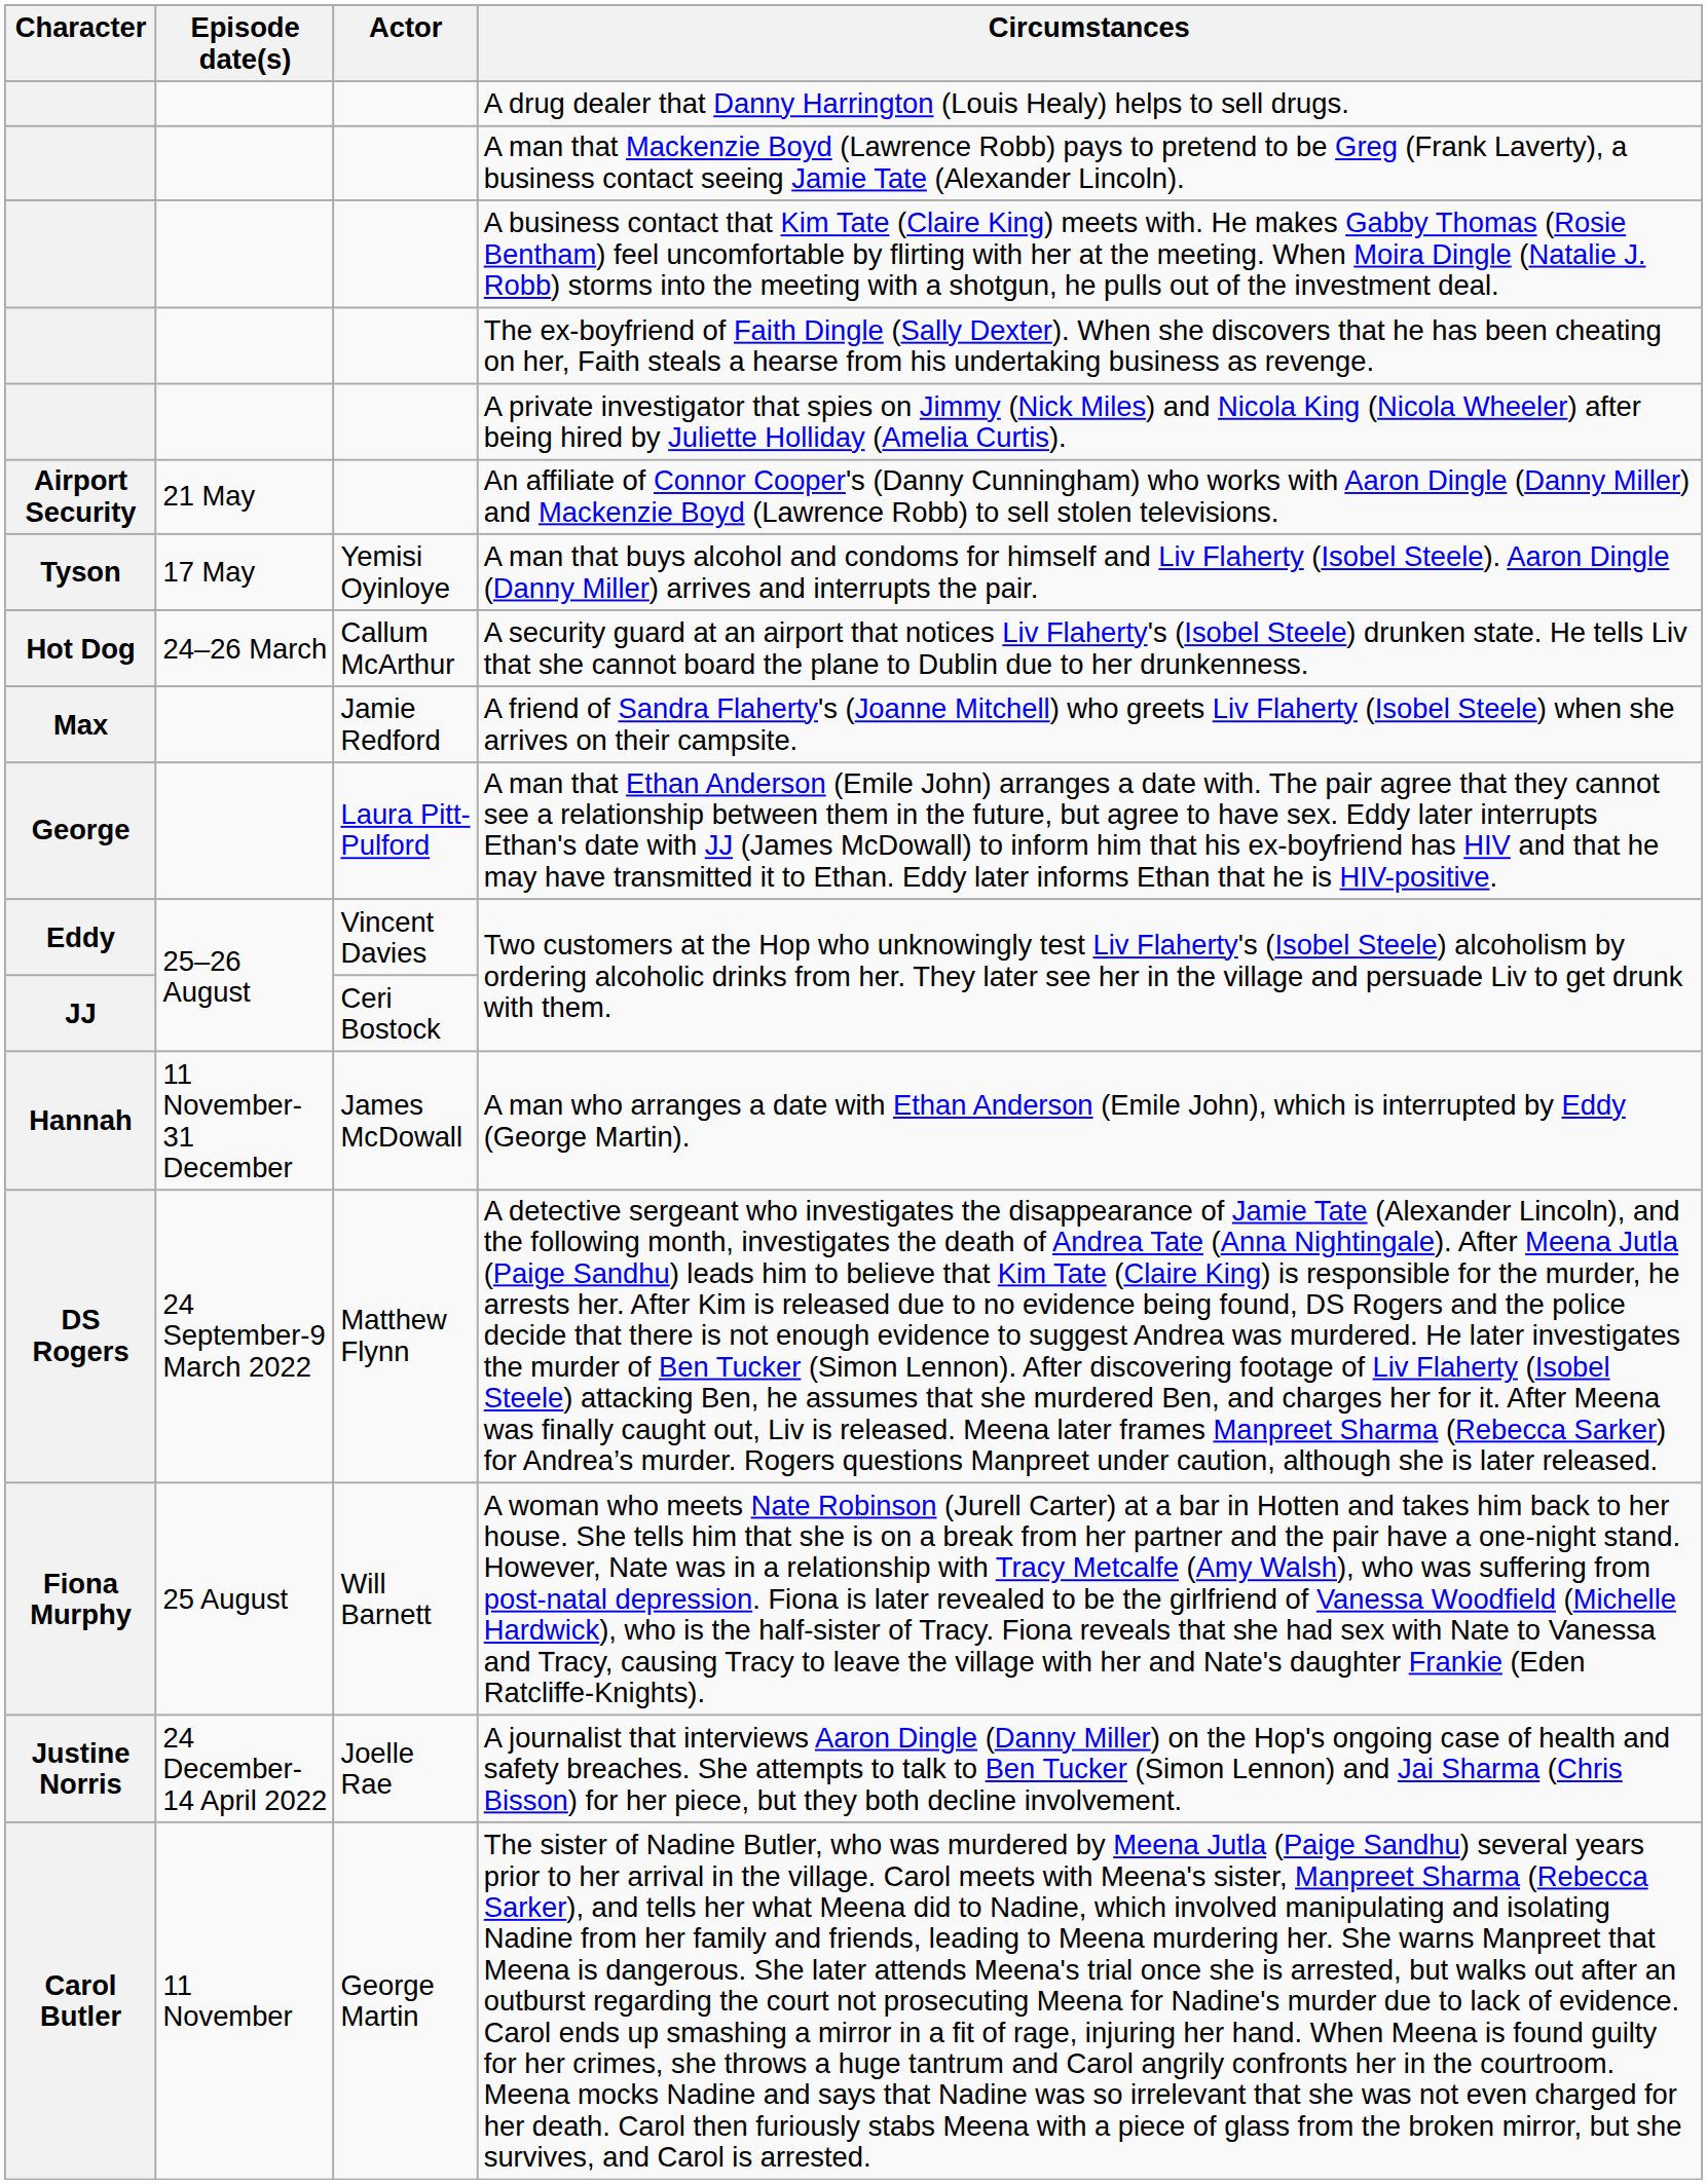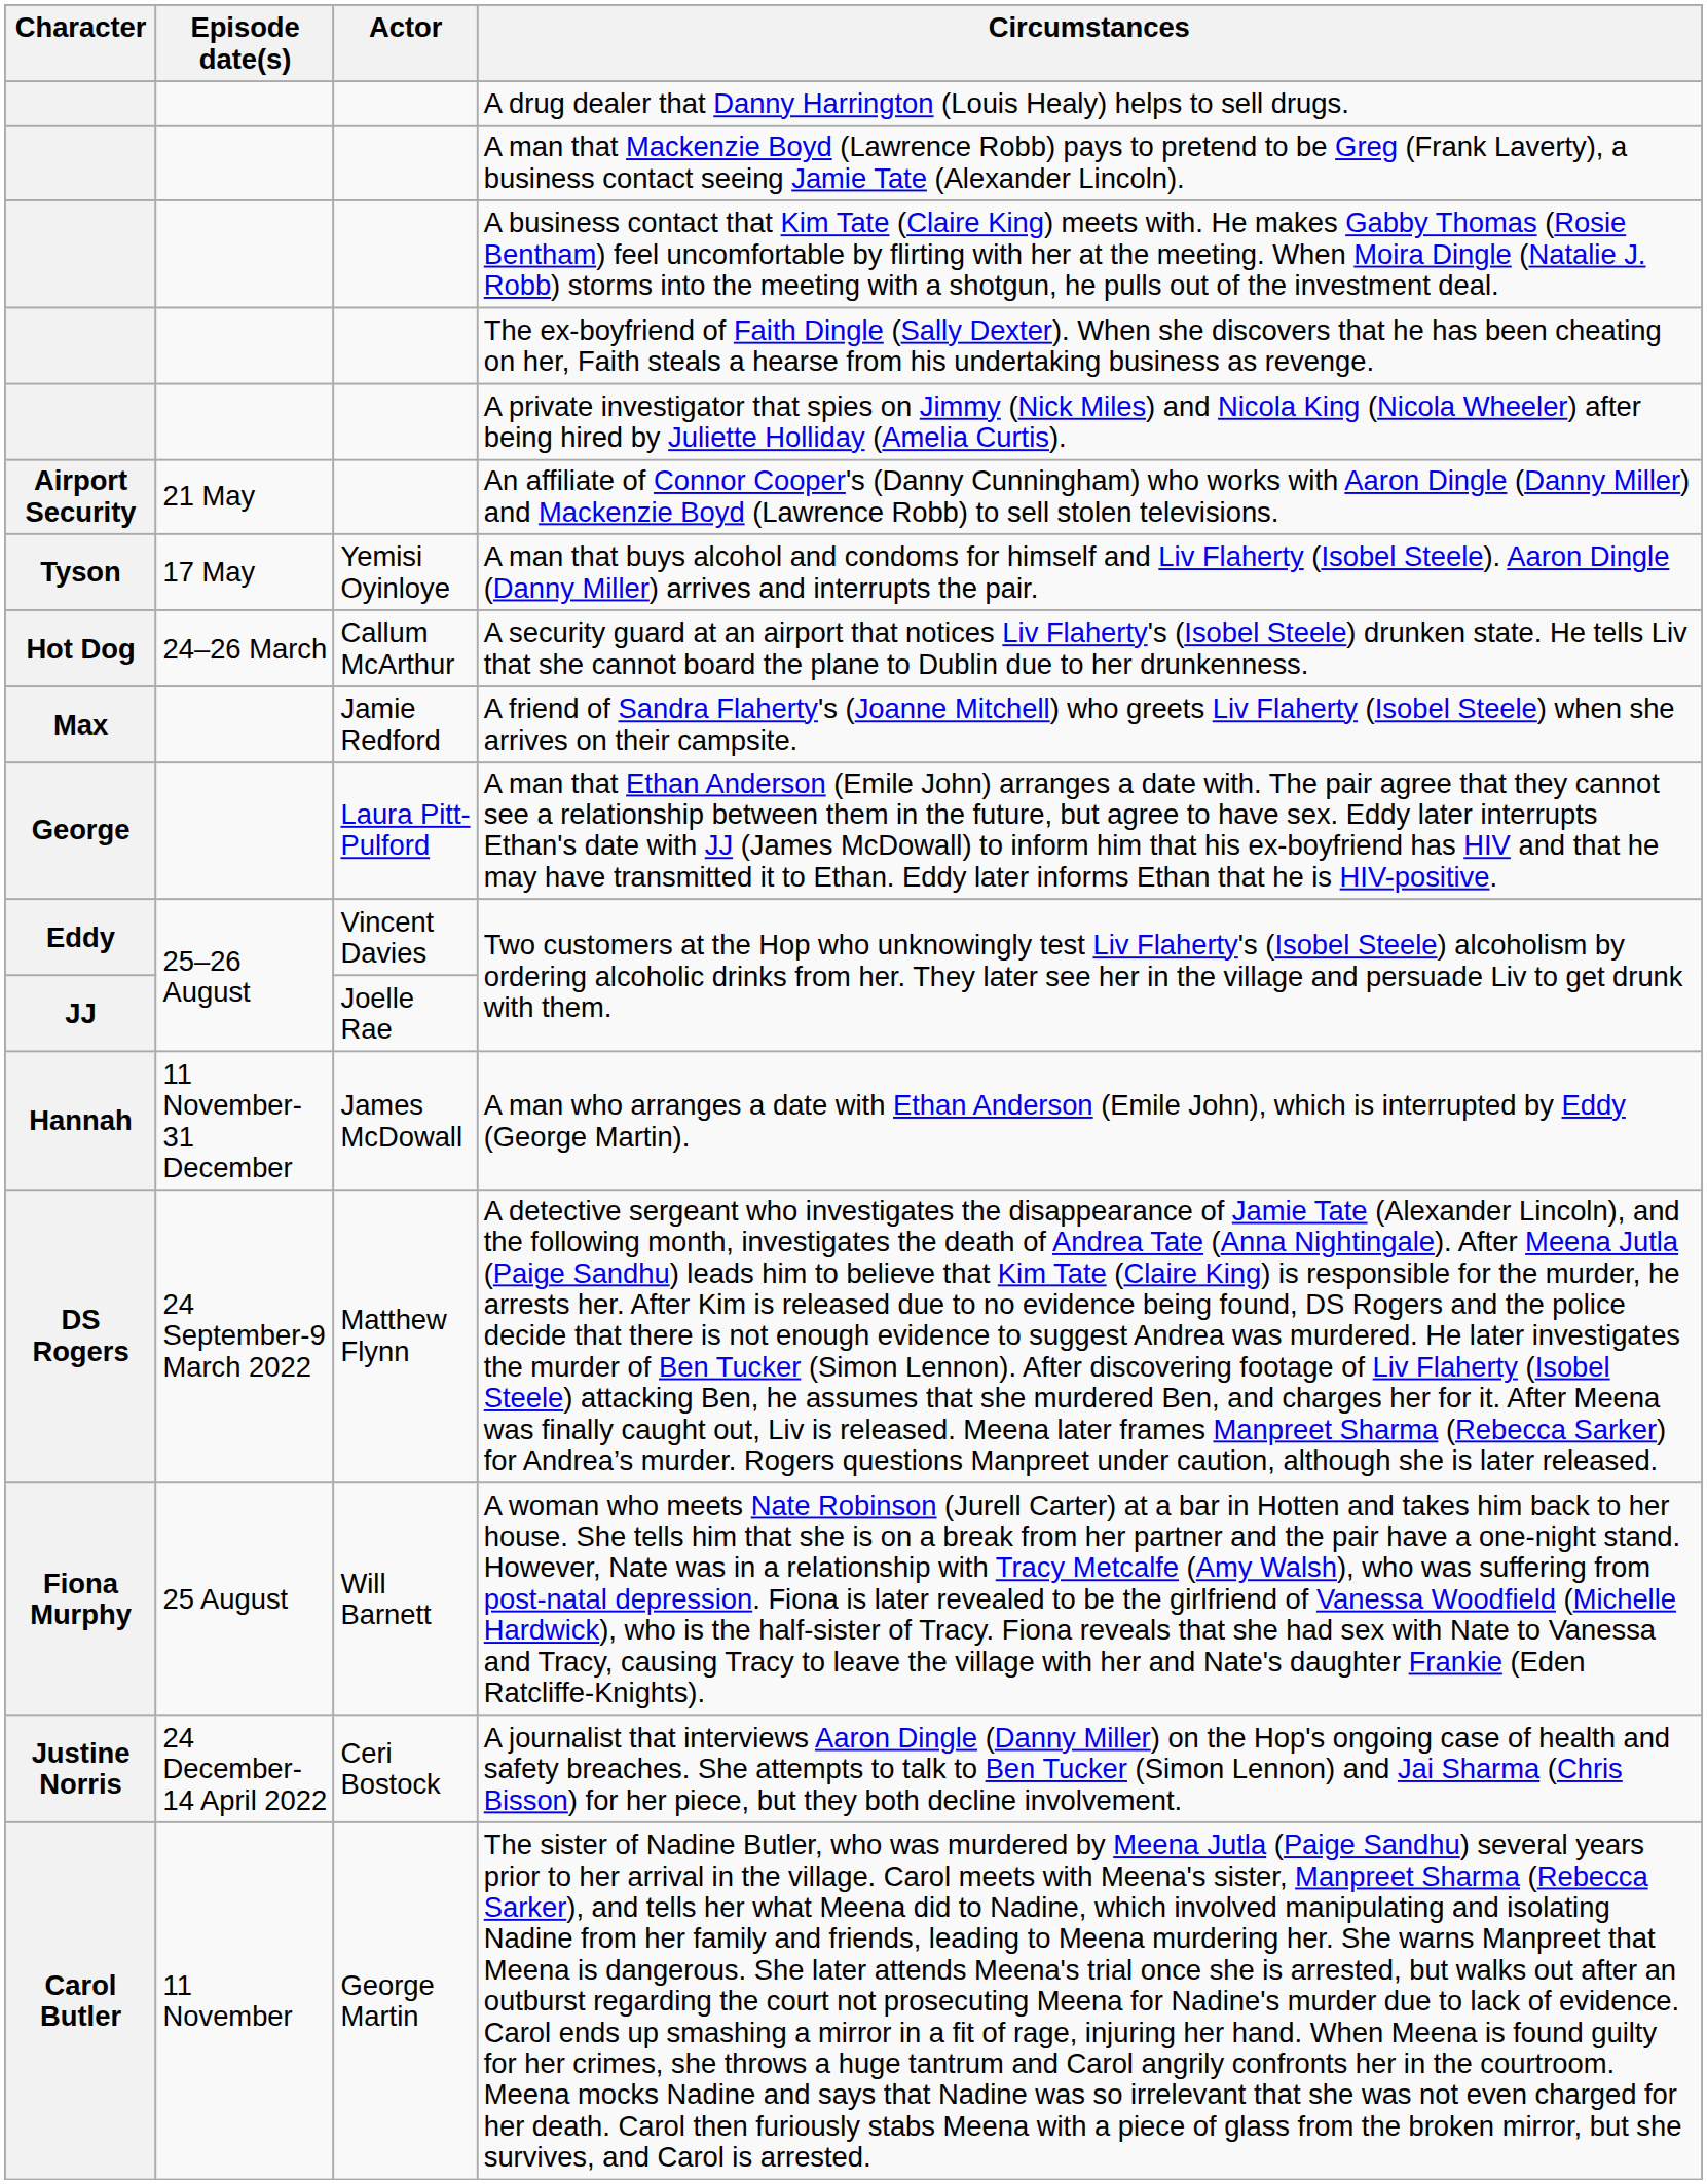 <table class="wikitable plainrowheaders" style="font-size:90%">
 <tr valign="top">
 <th scope="col">Character</th>
 <th scope="col">Episode date(s)</th>
 <th scope="col">Actor</th>
 <th scope="col">Circumstances</th>
 </tr>
 <tr>
 <th scope="row"> </th>
 <td></td>
 <td></td>
 <td>A drug dealer that <a href='#'>Danny Harrington</a> (Louis Healy) helps to sell drugs.</td>
 </tr>
 <tr>
 <th scope="row"> </th>
 <td></td>
 <td></td>
 <td>A man that <a href='#'>Mackenzie Boyd</a> (Lawrence Robb) pays to pretend to be <a href='#'>Greg</a> (Frank Laverty), a business contact seeing <a href='#'>Jamie Tate</a> (Alexander Lincoln).</td>
 </tr>
 <tr>
 <th scope="row"> </th>
 <td></td>
 <td></td>
 <td>A business contact that <a href='#'>Kim Tate</a> (<a href='#'>Claire King</a>) meets with. He makes <a href='#'>Gabby Thomas</a> (<a href='#'>Rosie Bentham</a>) feel uncomfortable by flirting with her at the meeting. When <a href='#'>Moira Dingle</a> (<a href='#'>Natalie J. Robb</a>) storms into the meeting with a shotgun, he pulls out of the investment deal.</td>
 </tr>
 <tr>
 <th scope="row"> </th>
 <td></td>
 <td></td>
 <td>The ex-boyfriend of <a href='#'>Faith Dingle</a> (<a href='#'>Sally Dexter</a>). When she discovers that he has been cheating on her, Faith steals a hearse from his undertaking business as revenge.</td>
 </tr>
 <tr>
 <th scope="row"> </th>
 <td></td>
 <td></td>
 <td>A private investigator that spies on <a href='#'>Jimmy</a> (<a href='#'>Nick Miles</a>) and <a href='#'>Nicola King</a> (<a href='#'>Nicola Wheeler</a>) after being hired by <a href='#'>Juliette Holliday</a> (<a href='#'>Amelia Curtis</a>).</td>
 </tr>
 <tr>
 <th scope="row">Airport Security </th>
 <td>21 May</td>
 <td></td>
 <td>An affiliate of <a href='#'>Connor Cooper</a>'s (Danny Cunningham) who works with <a href='#'>Aaron Dingle</a> (<a href='#'>Danny Miller</a>) and <a href='#'>Mackenzie Boyd</a> (Lawrence Robb) to sell stolen televisions.</td>
 </tr>
 <tr>
 <th scope="row">Tyson </th>
 <td>17 May</td>
 <td>Yemisi Oyinloye</td>
 <td>A man that buys alcohol and condoms for himself and <a href='#'>Liv Flaherty</a> (<a href='#'>Isobel Steele</a>). <a href='#'>Aaron Dingle</a> (<a href='#'>Danny Miller</a>) arrives and interrupts the pair.</td>
 </tr>
 <tr>
 <th scope="row">Hot Dog </th>
 <td>24–26 March</td>
 <td>Callum McArthur</td>
 <td>A security guard at an airport that notices <a href='#'>Liv Flaherty</a>'s (<a href='#'>Isobel Steele</a>) drunken state. He tells Liv that she cannot board the plane to Dublin due to her drunkenness.</td>
 </tr>
 <tr>
 <th scope="row">Max </th>
 <td></td>
 <td>Jamie Redford</td>
 <td>A friend of <a href='#'>Sandra Flaherty</a>'s (<a href='#'>Joanne Mitchell</a>) who greets <a href='#'>Liv Flaherty</a> (<a href='#'>Isobel Steele</a>) when she arrives on their campsite.</td>
 </tr>
 <tr>
 <th scope="row">George</th>
 <td></td>
 <td><a href='#'>Laura Pitt-Pulford</a></td>
 <td>A man that <a href='#'>Ethan Anderson</a> (Emile John) arranges a date with. The pair agree that they cannot see a relationship between them in the future, but agree to have sex. Eddy later interrupts Ethan's date with <a href='#'>JJ</a> (James McDowall) to inform him that his ex-boyfriend has <a href='#'>HIV</a> and that he may have transmitted it to Ethan. Eddy later informs Ethan that he is <a href='#'>HIV-positive</a>.</td>
 </tr>
 <tr>
 <th scope="row">Eddy </th>
 <td rowspan="2">25–26 August</td>
 <td>Vincent Davies</td>
 <td rowspan="2">Two customers at the Hop who unknowingly test <a href='#'>Liv Flaherty</a>'s (<a href='#'>Isobel Steele</a>) alcoholism by ordering alcoholic drinks from her. They later see her in the village and persuade Liv to get drunk with them.</td>
 </tr>
 <tr>
 <th scope="row">JJ</th>
-<td>Ceri Bostock</td>
+<td>Joelle Rae</td>
 </tr>
 <tr>
 <th scope="row">Hannah</th>
 <td>11 November-31 December</td>
 <td>James McDowall</td>
 <td>A man who arranges a date with <a href='#'>Ethan Anderson</a> (Emile John), which is interrupted by <a href='#'>Eddy</a> (George Martin).</td>
 </tr>
 <tr>
 <th scope="row">DS Rogers</th>
 <td>24 September-9 March 2022</td>
 <td>Matthew Flynn</td>
 <td>A detective sergeant who investigates the disappearance of <a href='#'>Jamie Tate</a> (Alexander Lincoln), and the following month, investigates the death of <a href='#'>Andrea Tate</a> (<a href='#'>Anna Nightingale</a>). After <a href='#'>Meena Jutla</a> (<a href='#'>Paige Sandhu</a>) leads him to believe that <a href='#'>Kim Tate</a> (<a href='#'>Claire King</a>) is responsible for the murder, he arrests her. After Kim is released due to no evidence being found, DS Rogers and the police decide that there is not enough evidence to suggest Andrea was murdered. He later investigates the murder of <a href='#'>Ben Tucker</a> (Simon Lennon). After discovering footage of <a href='#'>Liv Flaherty</a> (<a href='#'>Isobel Steele</a>) attacking Ben, he assumes that she murdered Ben, and charges her for it. After Meena was finally caught out, Liv is released. Meena later frames <a href='#'>Manpreet Sharma</a> (<a href='#'>Rebecca Sarker</a>) for Andrea’s murder. Rogers questions Manpreet under caution, although she is later released.</td>
 </tr>
 <tr>
 <th scope="row">Fiona Murphy</th>
 <td>25 August</td>
 <td>Will Barnett</td>
 <td>A woman who meets <a href='#'>Nate Robinson</a> (Jurell Carter) at a bar in Hotten and takes him back to her house. She tells him that she is on a break from her partner and the pair have a one-night stand. However, Nate was in a relationship with <a href='#'>Tracy Metcalfe</a> (<a href='#'>Amy Walsh</a>), who was suffering from <a href='#'>post-natal depression</a>. Fiona is later revealed to be the girlfriend of <a href='#'>Vanessa Woodfield</a> (<a href='#'>Michelle Hardwick</a>), who is the half-sister of Tracy. Fiona reveals that she had sex with Nate to Vanessa and Tracy, causing Tracy to leave the village with her and Nate's daughter <a href='#'>Frankie</a> (Eden Ratcliffe-Knights).</td>
 </tr>
 <tr>
 <th scope="row">Justine Norris </th>
 <td>24 December-14 April 2022</td>
-<td>Joelle Rae</td>
+<td>Ceri Bostock</td>
 <td>A journalist that interviews <a href='#'>Aaron Dingle</a> (<a href='#'>Danny Miller</a>) on the Hop's ongoing case of health and safety breaches. She attempts to talk to <a href='#'>Ben Tucker</a> (Simon Lennon) and <a href='#'>Jai Sharma</a> (<a href='#'>Chris Bisson</a>) for her piece, but they both decline involvement.</td>
 </tr>
 <tr>
 <th scope="row">Carol Butler</th>
 <td>11 November</td>
 <td>George Martin</td>
 <td>The sister of Nadine Butler, who was murdered by <a href='#'>Meena Jutla</a> (<a href='#'>Paige Sandhu</a>) several years prior to her arrival in the village. Carol meets with Meena's sister, <a href='#'>Manpreet Sharma</a> (<a href='#'>Rebecca Sarker</a>), and tells her what Meena did to Nadine, which involved manipulating and isolating Nadine from her family and friends, leading to Meena murdering her. She warns Manpreet that Meena is dangerous. She later attends Meena's trial once she is arrested, but walks out after an outburst regarding the court not prosecuting Meena for Nadine's murder due to lack of evidence. Carol ends up smashing a mirror in a fit of rage, injuring her hand. When Meena is found guilty for her crimes, she throws a huge tantrum and Carol angrily confronts her in the courtroom. Meena mocks Nadine and says that Nadine was so irrelevant that she was not even charged for her death. Carol then furiously stabs Meena with a piece of glass from the broken mirror, but she survives, and Carol is arrested.</td>
 </tr>
 </table>
